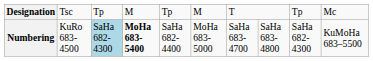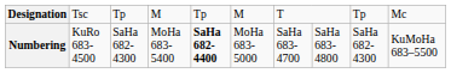 <table class="wikitable">
 <tr>
 <th>Designation</th>
 <td>Tsc</td>
 <td>Tp</td>
 <td>M</td>
 <td>Tp</td>
 <td>M</td>
 <td colspan="2">T</td>
 <td>Tp</td>
 <td>Mc</td>
 </tr>
 <tr>
 <th>Numbering</th>
 <td>KuRo 683-4500</td>
-<td style="background: lightblue;">SaHa 682-4300</td>
-<td><strong>MoHa 683-5400</strong></td>
-<td>SaHa 682-4400</td>
+<td>SaHa 682-4300</td>
+<td>MoHa 683-5400</td>
+<td><strong>SaHa 682-4400</strong></td>
 <td>MoHa 683-5000</td>
 <td>SaHa 683-4700</td>
 <td>SaHa 683-4800</td>
 <td>SaHa 682-4300</td>
 <td>KuMoHa 683–5500</td>
 </tr>
 </table>
